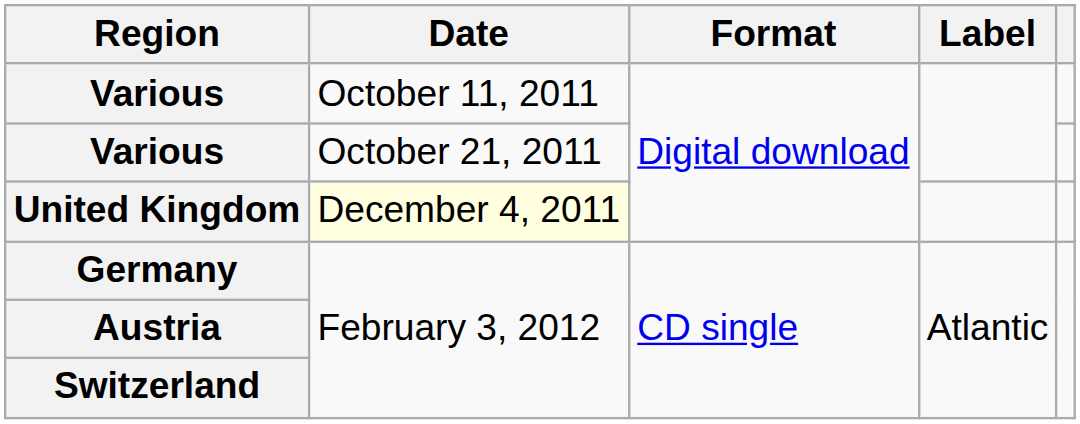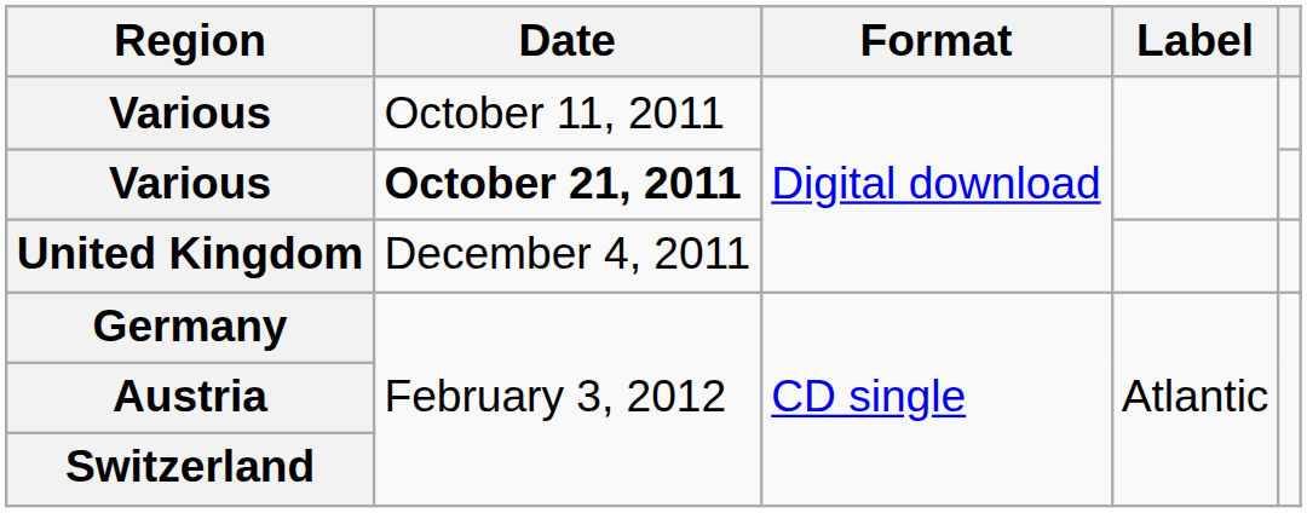 <table class="wikitable plainrowheaders">
 <tr>
 <th scope="col">Region</th>
 <th scope="col">Date</th>
 <th scope="col">Format</th>
 <th scope="col">Label</th>
 <th scope="col"></th>
 </tr>
 <tr>
 <th scope="row">Various</th>
 <td>October 11, 2011</td>
 <td rowspan="3"><a href='#'>Digital download</a></td>
 <td rowspan="2"></td>
 <td></td>
 </tr>
 <tr>
 <th scope="row">Various</th>
-<td>October 21, 2011</td>
+<td><strong>October 21, 2011</strong></td>
 <td></td>
 </tr>
 <tr>
 <th scope="row">United Kingdom</th>
-<td style="background: lightyellow;">December 4, 2011</td>
+<td>December 4, 2011</td>
 <td></td>
 <td></td>
 </tr>
 <tr>
 <th scope="row">Germany</th>
 <td rowspan="3">February 3, 2012</td>
 <td rowspan="3"><a href='#'>CD single</a></td>
 <td rowspan="3">Atlantic</td>
 <td rowspan="3"></td>
 </tr>
 <tr>
 <th scope="row">Austria</th>
 </tr>
 <tr>
 <th scope="row">Switzerland</th>
 </tr>
 </table>
